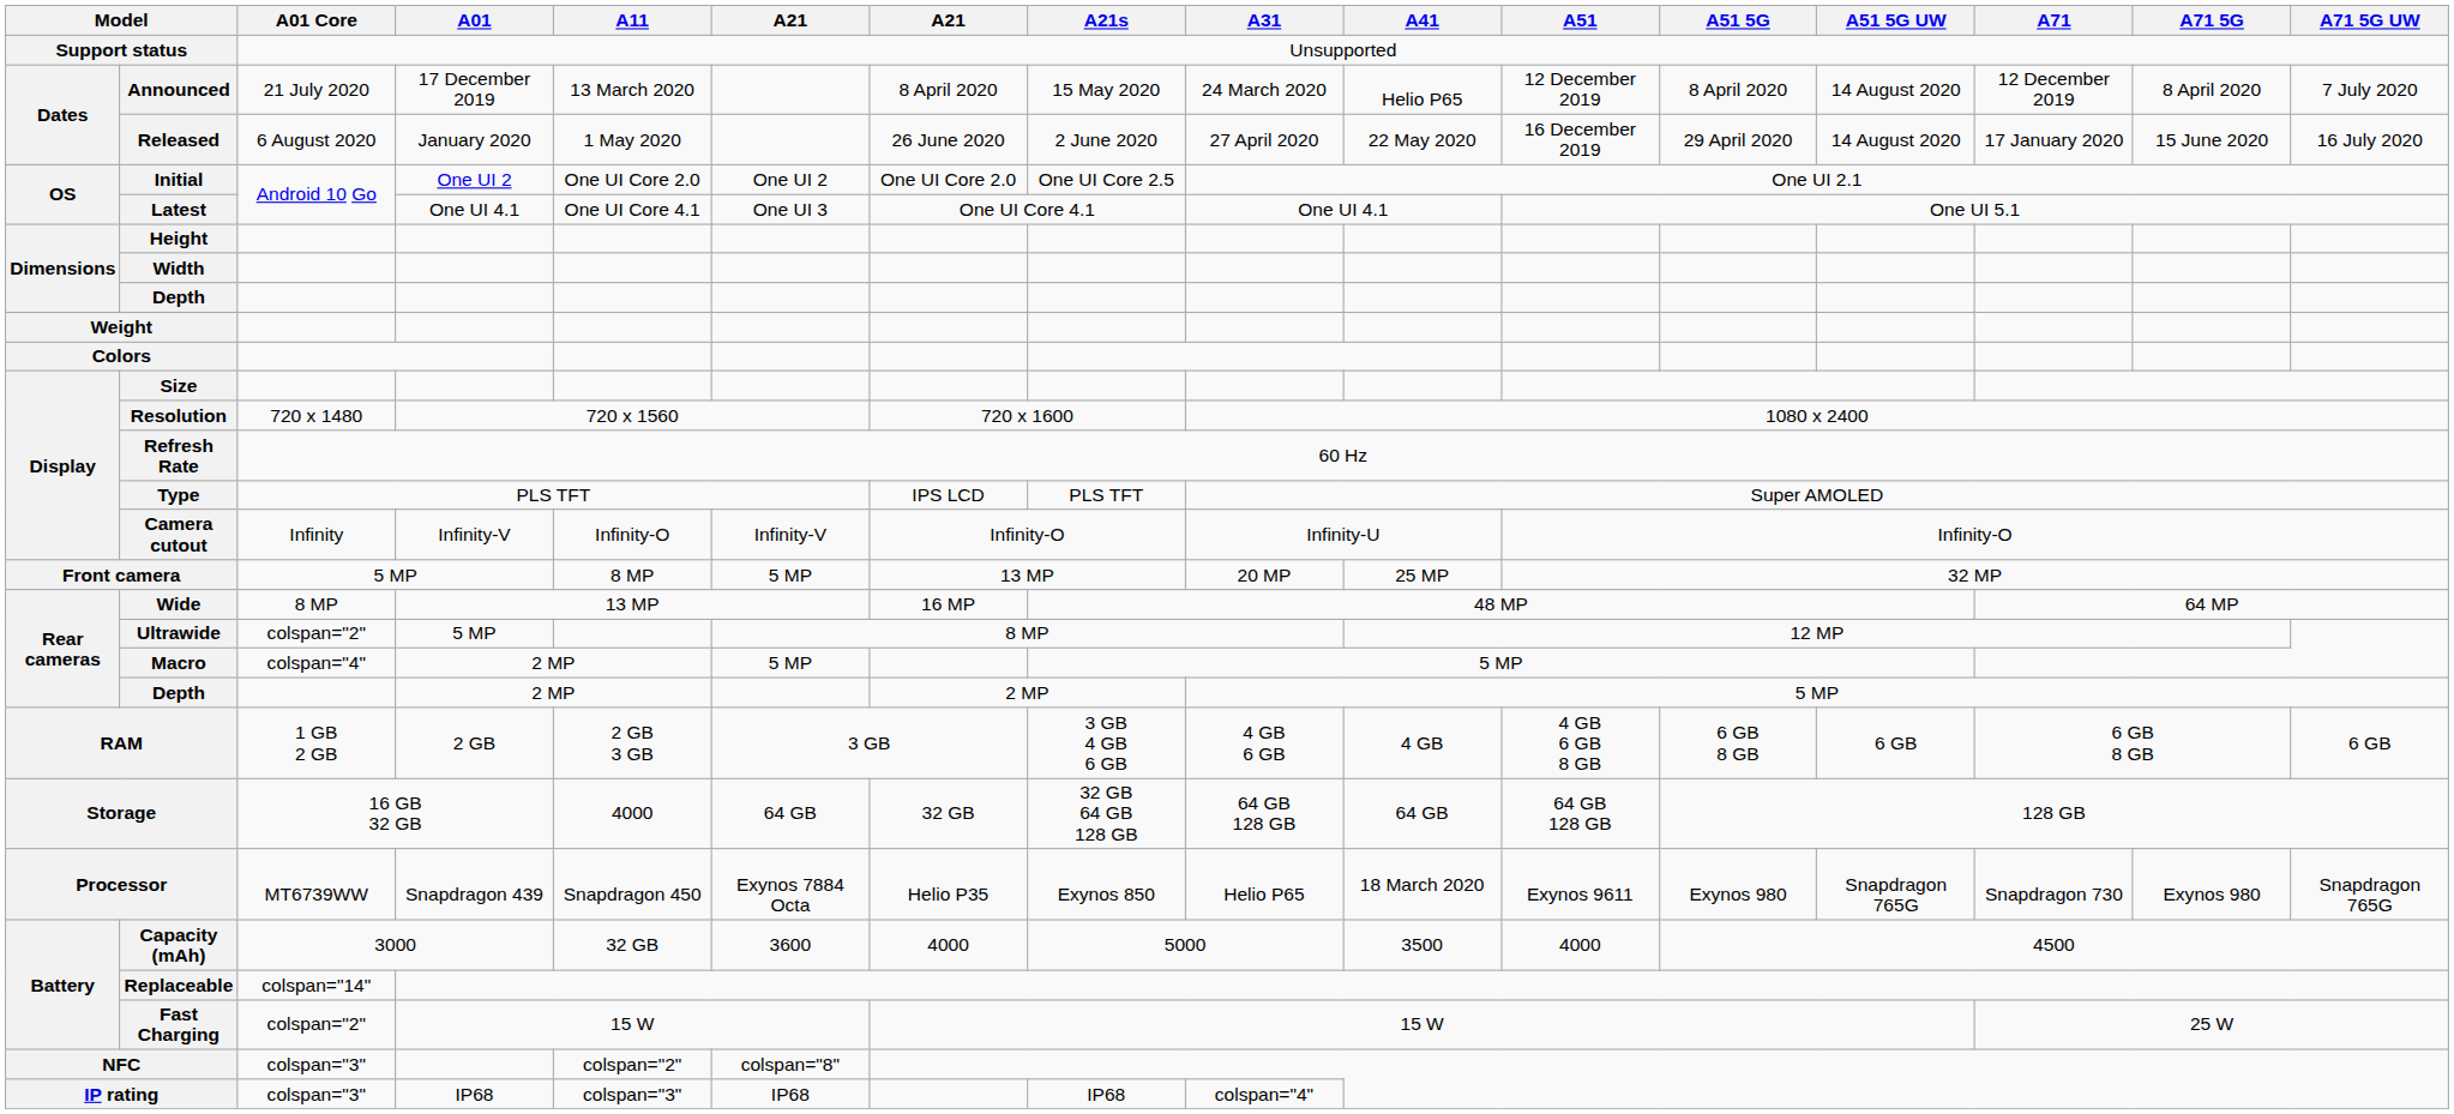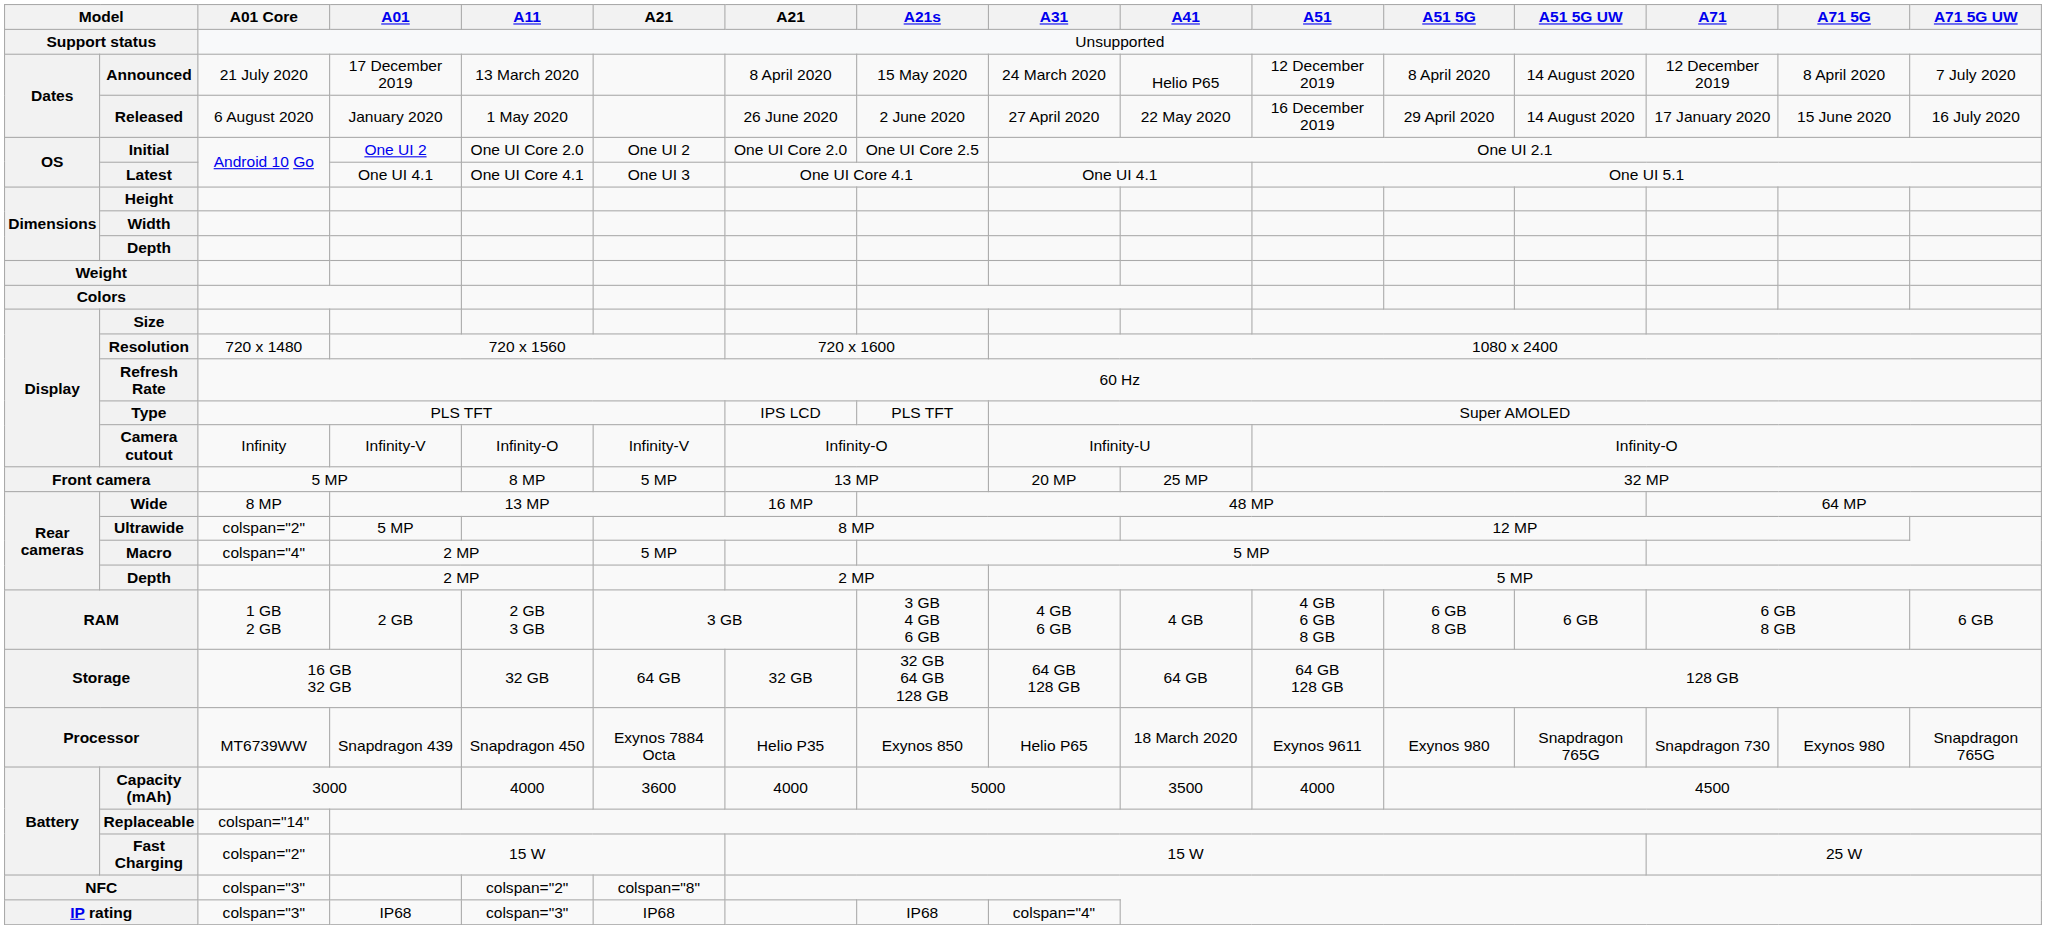 <table class="wikitable" style="text-align:center; font-size:90%;">
 <tr>
 <th colspan="2">Model</th>
 <th style="min-width: 8em">A01 Core<br></th>
 <th style="min-width: 8em"><a href='#'>A01</a></th>
 <th style="min-width: 8em"><a href='#'>A11</a></th>
 <th style="min-width: 8em">A21<br></th>
 <th style="min-width: 8em">A21</th>
 <th style="min-width: 8em"><a href='#'>A21s</a></th>
 <th style="min-width: 8em"><a href='#'>A31</a></th>
 <th style="min-width: 8em"><a href='#'>A41</a></th>
 <th style="min-width: 8em"><a href='#'>A51</a></th>
 <th style="min-width: 8em"><a href='#'>A51 5G</a></th>
 <th style="min-width: 8em"><a href='#'>A51 5G UW</a></th>
 <th style="min-width: 8em"><a href='#'>A71</a></th>
 <th style="min-width: 8em"><a href='#'>A71 5G</a></th>
 <th style="min-width: 8em"><a href='#'>A71 5G UW</a></th>
 </tr>
 <tr>
 <th colspan="2">Support status</th>
 <td style="background:#f8f9fa" colspan="15">Unsupported</td>
 </tr>
 <tr>
 <th rowspan="2">Dates</th>
 <th>Announced</th>
 <td>21 July 2020</td>
 <td>17 December 2019</td>
 <td>13 March 2020</td>
 <td></td>
 <td>8 April 2020</td>
 <td>15 May 2020</td>
 <td>24 March 2020</td>
 <td><br>Helio P65</td>
 <td>12 December 2019</td>
 <td>8 April 2020</td>
 <td>14 August 2020</td>
 <td>12 December 2019</td>
 <td>8 April 2020</td>
 <td>7 July 2020</td>
 </tr>
 <tr>
 <th>Released</th>
 <td>6 August 2020</td>
 <td>January 2020</td>
 <td>1 May 2020</td>
 <td></td>
 <td>26 June 2020</td>
 <td>2 June 2020</td>
 <td>27 April 2020</td>
 <td>22 May 2020</td>
 <td>16 December 2019</td>
 <td>29 April 2020</td>
 <td>14 August 2020</td>
 <td>17 January 2020</td>
 <td>15 June 2020</td>
 <td>16 July 2020</td>
 </tr>
 <tr>
 <th rowspan="2">OS</th>
 <th>Initial</th>
 <td rowspan="2"><a href='#'>Android 10</a> <a href='#'>Go</a></td>
 <td><a href='#'>One UI 2</a><br></td>
 <td>One UI Core 2.0<br></td>
 <td>One UI 2<br></td>
 <td>One UI Core 2.0<br></td>
 <td>One UI Core 2.5<br></td>
 <td colspan="8">One UI 2.1<br></td>
 </tr>
 <tr>
 <th>Latest</th>
 <td>One UI 4.1<br></td>
 <td>One UI Core 4.1<br></td>
 <td>One UI 3<br></td>
 <td colspan="2">One UI Core 4.1<br></td>
 <td colspan="2">One UI 4.1<br></td>
 <td colspan="6">One UI 5.1<br></td>
 </tr>
 <tr>
 <th rowspan="3">Dimensions<br></th>
 <th>Height</th>
 <td></td>
 <td></td>
 <td></td>
 <td></td>
 <td></td>
 <td></td>
 <td></td>
 <td></td>
 <td></td>
 <td></td>
 <td></td>
 <td></td>
 <td></td>
 <td></td>
 </tr>
 <tr>
 <th>Width</th>
 <td></td>
 <td></td>
 <td></td>
 <td></td>
 <td></td>
 <td></td>
 <td></td>
 <td></td>
 <td></td>
 <td></td>
 <td></td>
 <td></td>
 <td></td>
 <td></td>
 </tr>
 <tr>
 <th>Depth</th>
 <td></td>
 <td></td>
 <td></td>
 <td></td>
 <td></td>
 <td></td>
 <td></td>
 <td></td>
 <td></td>
 <td></td>
 <td></td>
 <td></td>
 <td></td>
 <td></td>
 </tr>
 <tr>
 <th colspan="2">Weight<br></th>
 <td></td>
 <td></td>
 <td></td>
 <td></td>
 <td></td>
 <td></td>
 <td></td>
 <td></td>
 <td></td>
 <td></td>
 <td></td>
 <td></td>
 <td></td>
 <td></td>
 </tr>
 <tr>
 <th colspan="2">Colors</th>
 <td colspan="2">  </td>
 <td>   </td>
 <td>  </td>
 <td></td>
 <td colspan="3">   </td>
 <td>   </td>
 <td>  </td>
 <td></td>
 <td>   </td>
 <td>  </td>
 <td></td>
 </tr>
 <tr>
 <th rowspan="5">Display</th>
 <th>Size</th>
 <td></td>
 <td></td>
 <td></td>
 <td></td>
 <td></td>
 <td></td>
 <td></td>
 <td></td>
 <td colspan="3"></td>
 <td colspan="3"></td>
 </tr>
 <tr>
 <th>Resolution</th>
 <td>720 x 1480</td>
 <td colspan="3">720 x 1560</td>
 <td colspan="2">720 x 1600</td>
 <td colspan="8">1080 x 2400</td>
 </tr>
 <tr>
 <th>Refresh Rate</th>
 <td colspan="14">60 Hz</td>
 </tr>
 <tr>
 <th>Type</th>
 <td colspan="4">PLS TFT</td>
 <td>IPS LCD</td>
 <td>PLS TFT</td>
 <td colspan="8">Super AMOLED</td>
 </tr>
 <tr>
 <th>Camera cutout</th>
 <td>Infinity</td>
 <td>Infinity-V</td>
 <td>Infinity-O</td>
 <td>Infinity-V</td>
 <td colspan="2">Infinity-O</td>
 <td colspan="2">Infinity-U</td>
 <td colspan="6">Infinity-O</td>
 </tr>
 <tr>
 <th colspan="2">Front camera</th>
 <td colspan="2">5 MP</td>
 <td>8 MP</td>
 <td>5 MP</td>
 <td colspan="2">13 MP</td>
 <td>20 MP</td>
 <td>25 MP</td>
 <td colspan="6">32 MP</td>
 </tr>
 <tr>
 <th rowspan="4">Rear cameras</th>
 <th>Wide</th>
 <td>8 MP</td>
 <td colspan="3">13 MP</td>
 <td>16 MP</td>
 <td colspan="6">48 MP</td>
 <td colspan="3">64 MP</td>
 </tr>
 <tr>
 <th>Ultrawide</th>
 <td>colspan="2" </td>
 <td>5 MP</td>
 <td></td>
 <td colspan="4">8 MP</td>
 <td colspan="6">12 MP</td>
 </tr>
 <tr>
 <th>Macro</th>
 <td>colspan="4" </td>
 <td colspan="2">2 MP</td>
 <td>5 MP</td>
 <td></td>
 <td colspan="6">5 MP</td>
 </tr>
 <tr>
 <th>Depth</th>
 <td></td>
 <td colspan="2">2 MP</td>
 <td></td>
 <td colspan="2">2 MP</td>
 <td colspan="8">5 MP</td>
 </tr>
 <tr>
 <th colspan="2">RAM</th>
 <td>1 GB<br>2 GB</td>
 <td>2 GB</td>
 <td>2 GB<br>3 GB</td>
 <td colspan="2">3 GB</td>
 <td>3 GB<br>4 GB<br>6 GB</td>
 <td>4 GB<br>6 GB</td>
 <td>4 GB</td>
 <td>4 GB<br>6 GB<br>8 GB</td>
 <td>6 GB<br>8 GB</td>
 <td>6 GB</td>
 <td colspan="2">6 GB<br>8 GB</td>
 <td>6 GB</td>
 </tr>
 <tr>
 <th colspan="2">Storage</th>
 <td colspan="2">16 GB<br>32 GB</td>
-<td>4000</td>
+<td>32 GB</td>
 <td>64 GB</td>
 <td>32 GB</td>
 <td>32 GB<br>64 GB<br>128 GB</td>
 <td>64 GB<br>128 GB</td>
 <td>64 GB</td>
 <td>64 GB<br>128 GB</td>
 <td colspan="5">128 GB</td>
 </tr>
 <tr>
 <th colspan="2">Processor</th>
 <td><br>MT6739WW</td>
 <td><br>Snapdragon 439</td>
 <td><br>Snapdragon 450</td>
 <td><br>Exynos 7884 Octa</td>
 <td><br>Helio P35</td>
 <td><br>Exynos 850</td>
 <td><br>Helio P65</td>
 <td>18 March 2020</td>
 <td><br>Exynos 9611</td>
 <td><br>Exynos 980</td>
 <td><br>Snapdragon 765G</td>
 <td><br>Snapdragon 730</td>
 <td><br>Exynos 980</td>
 <td><br>Snapdragon 765G</td>
 </tr>
 <tr>
 <th rowspan="3">Battery</th>
 <th>Capacity (mAh)</th>
 <td colspan="2">3000</td>
-<td>32 GB</td>
+<td>4000</td>
 <td>3600</td>
 <td>4000</td>
 <td colspan="2">5000</td>
 <td>3500</td>
 <td>4000</td>
 <td colspan="5">4500</td>
 </tr>
 <tr>
 <th>Replaceable</th>
 <td>colspan="14" </td>
 </tr>
 <tr>
 <th>Fast Charging</th>
 <td>colspan="2" </td>
 <td colspan="3">15 W</td>
 <td colspan="7">15 W</td>
 <td colspan="3">25 W</td>
 </tr>
 <tr>
 <th colspan="2">NFC</th>
 <td>colspan="3" </td>
 <td></td>
 <td>colspan="2" </td>
 <td>colspan="8" </td>
 </tr>
 <tr>
 <th colspan="2"><a href='#'>IP</a> rating</th>
 <td>colspan="3" </td>
 <td>IP68</td>
 <td>colspan="3" </td>
 <td>IP68</td>
 <td></td>
 <td>IP68</td>
 <td>colspan="4" </td>
 </tr>
 </table>
